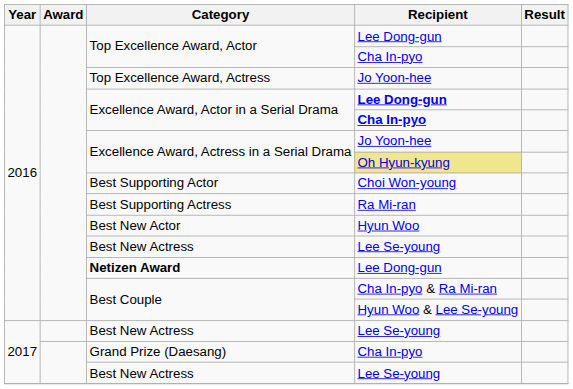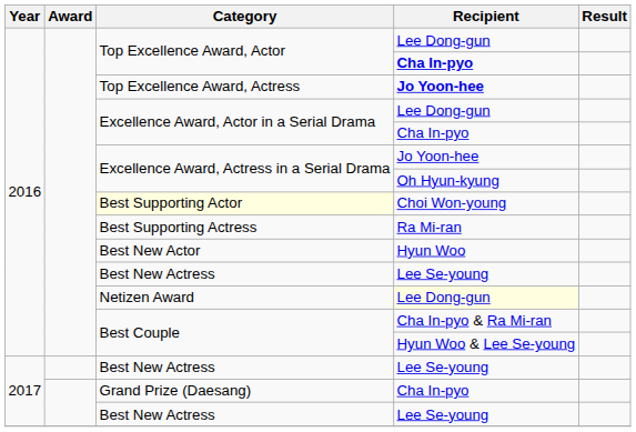 <table class="wikitable">
 <tr>
 <th>Year</th>
 <th>Award</th>
 <th>Category</th>
 <th>Recipient</th>
 <th>Result</th>
 </tr>
 <tr>
 <td rowspan="14">2016</td>
 <td rowspan="14"></td>
 <td rowspan="2">Top Excellence Award, Actor</td>
 <td><a href='#'>Lee Dong-gun</a></td>
 <td></td>
 </tr>
 <tr>
-<td><a href='#'>Cha In-pyo</a></td>
+<td><strong><a href='#'>Cha In-pyo</a></strong></td>
 <td></td>
 </tr>
 <tr>
 <td>Top Excellence Award, Actress</td>
-<td><a href='#'>Jo Yoon-hee</a></td>
+<td><strong><a href='#'>Jo Yoon-hee</a></strong></td>
 <td></td>
 </tr>
 <tr>
 <td rowspan="2">Excellence Award, Actor in a Serial Drama</td>
-<td><strong><a href='#'>Lee Dong-gun</a></strong></td>
+<td><a href='#'>Lee Dong-gun</a></td>
 <td></td>
 </tr>
 <tr>
-<td><strong><a href='#'>Cha In-pyo</a></strong></td>
+<td><a href='#'>Cha In-pyo</a></td>
 <td></td>
 </tr>
 <tr>
 <td rowspan="2">Excellence Award, Actress in a Serial Drama</td>
 <td><a href='#'>Jo Yoon-hee</a></td>
 <td></td>
 </tr>
 <tr>
-<td style="background: khaki;"><a href='#'>Oh Hyun-kyung</a></td>
+<td><a href='#'>Oh Hyun-kyung</a></td>
 <td></td>
 </tr>
 <tr>
-<td>Best Supporting Actor</td>
+<td style="background: lightyellow;">Best Supporting Actor</td>
 <td><a href='#'>Choi Won-young</a></td>
 <td></td>
 </tr>
 <tr>
 <td>Best Supporting Actress</td>
 <td><a href='#'>Ra Mi-ran</a></td>
 <td></td>
 </tr>
 <tr>
 <td>Best New Actor</td>
 <td><a href='#'>Hyun Woo</a></td>
 <td></td>
 </tr>
 <tr>
 <td>Best New Actress</td>
 <td><a href='#'>Lee Se-young</a></td>
 <td></td>
 </tr>
 <tr>
-<td><strong>Netizen Award</strong></td>
-<td><a href='#'>Lee Dong-gun</a></td>
+<td>Netizen Award</td>
+<td style="background: lightyellow;"><a href='#'>Lee Dong-gun</a></td>
 <td></td>
 </tr>
 <tr>
 <td rowspan="2">Best Couple</td>
 <td><a href='#'>Cha In-pyo</a> & <a href='#'>Ra Mi-ran</a></td>
 <td></td>
 </tr>
 <tr>
 <td><a href='#'>Hyun Woo</a> & <a href='#'>Lee Se-young</a></td>
 <td></td>
 </tr>
 <tr>
 <td rowspan="3">2017</td>
 <td></td>
 <td>Best New Actress</td>
 <td><a href='#'>Lee Se-young</a></td>
 <td></td>
 </tr>
 <tr>
 <td rowspan="2"></td>
 <td>Grand Prize (Daesang)</td>
 <td><a href='#'>Cha In-pyo</a></td>
 <td></td>
 </tr>
 <tr>
 <td>Best New Actress</td>
 <td><a href='#'>Lee Se-young</a></td>
 <td></td>
 </tr>
 <tr>
 </tr>
 </table>
